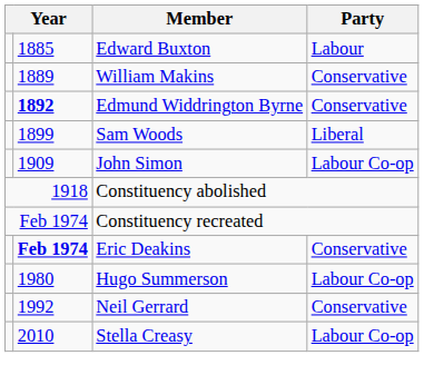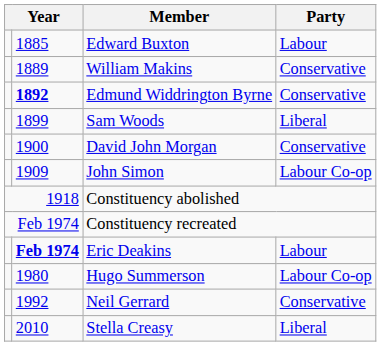 <table class="wikitable">
 <tr>
 <th colspan="2">Year</th>
 <th>Member</th>
 <th>Party</th>
 </tr>
 <tr>
 <td style="color:inherit;background-color: "></td>
 <td><a href='#'>1885</a></td>
 <td><a href='#'>Edward Buxton</a></td>
 <td><a href='#'>Labour</a></td>
 </tr>
 <tr>
 <td style="color:inherit;background-color: "></td>
 <td><a href='#'>1889</a></td>
 <td><a href='#'>William Makins</a></td>
 <td><a href='#'>Conservative</a></td>
 </tr>
 <tr>
 <td style="color:inherit;background-color: "></td>
 <td><strong><a href='#'>1892</a></strong></td>
 <td><a href='#'>Edmund Widdrington Byrne</a></td>
 <td><a href='#'>Conservative</a></td>
 </tr>
 <tr>
 <td style="color:inherit;background-color: "></td>
 <td><a href='#'>1899</a></td>
 <td><a href='#'>Sam Woods</a></td>
 <td><a href='#'>Liberal</a></td>
 </tr>
 <tr>
 <td style="color:inherit;background-color: "></td>
+<td><a href='#'>1900</a></td>
+<td><a href='#'>David John Morgan</a></td>
+<td><a href='#'>Conservative</a></td>
+</tr>
+<tr>
+<td style="color:inherit;background-color: "></td>
 <td><a href='#'>1909</a></td>
 <td><a href='#'>John Simon</a></td>
 <td><a href='#'>Labour Co-op</a></td>
 </tr>
 <tr>
 <td colspan="2" align="right"><a href='#'>1918</a></td>
 <td colspan="2">Constituency abolished</td>
 </tr>
 <tr>
 <td colspan="2" align="right"><a href='#'>Feb 1974</a></td>
 <td colspan="2">Constituency recreated</td>
 </tr>
 <tr>
 <td style="color:inherit;background-color: "></td>
 <td><strong><a href='#'>Feb 1974</a></strong></td>
 <td><a href='#'>Eric Deakins</a></td>
-<td><a href='#'>Conservative</a></td>
+<td><a href='#'>Labour</a></td>
 </tr>
 <tr>
 <td style="color:inherit;background-color: "></td>
 <td><a href='#'>1980</a></td>
 <td><a href='#'>Hugo Summerson</a></td>
 <td><a href='#'>Labour Co-op</a></td>
 </tr>
 <tr>
 <td style="color:inherit;background-color: "></td>
 <td><a href='#'>1992</a></td>
 <td><a href='#'>Neil Gerrard</a></td>
 <td><a href='#'>Conservative</a></td>
 </tr>
 <tr>
 <td style="color:inherit;background-color: "></td>
 <td><a href='#'>2010</a></td>
 <td><a href='#'>Stella Creasy</a></td>
-<td><a href='#'>Labour Co-op</a></td>
+<td><a href='#'>Liberal</a></td>
 </tr>
 </table>
